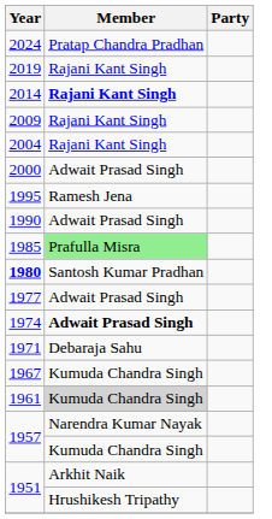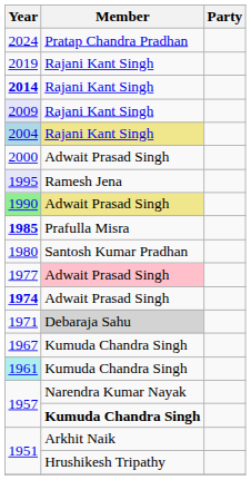 <table class="wikitable sortable">
 <tr>
 <th>Year</th>
 <th>Member</th>
 <th colspan=2>Party</th>
 </tr>
 <tr>
 <td><a href='#'>2024</a></td>
 <td><a href='#'>Pratap Chandra Pradhan</a></td>
 <td></td>
 </tr>
 <tr>
 <td><a href='#'>2019</a></td>
 <td><a href='#'>Rajani Kant Singh</a></td>
 <td></td>
 </tr>
 <tr>
-<td><a href='#'>2014</a></td>
-<td><strong><a href='#'>Rajani Kant Singh</a></strong></td>
-<td></td>
-</tr>
-<tr>
-<td><a href='#'>2009</a></td>
+<td><strong><a href='#'>2014</a></strong></td>
 <td><a href='#'>Rajani Kant Singh</a></td>
 <td></td>
 </tr>
 <tr>
-<td><a href='#'>2004</a></td>
+<td style="background: lavender;"><a href='#'>2009</a></td>
 <td><a href='#'>Rajani Kant Singh</a></td>
+<td></td>
+</tr>
+<tr>
+<td style="background: lightblue;"><a href='#'>2004</a></td>
+<td style="background: khaki;"><a href='#'>Rajani Kant Singh</a></td>
 <td></td>
 </tr>
 <tr>
 <td><a href='#'>2000</a></td>
 <td>Adwait Prasad Singh</td>
 <td></td>
 </tr>
 <tr>
-<td><a href='#'>1995</a></td>
+<td style="background: lavender;"><a href='#'>1995</a></td>
 <td>Ramesh Jena</td>
 <td></td>
 </tr>
 <tr>
-<td><a href='#'>1990</a></td>
-<td>Adwait Prasad Singh</td>
+<td style="background: lightgreen;"><a href='#'>1990</a></td>
+<td style="background: khaki;">Adwait Prasad Singh</td>
 <td></td>
 </tr>
 <tr>
-<td><a href='#'>1985</a></td>
-<td style="background: lightgreen;">Prafulla Misra</td>
+<td><strong><a href='#'>1985</a></strong></td>
+<td>Prafulla Misra</td>
 <td></td>
 </tr>
 <tr>
-<td><strong><a href='#'>1980</a></strong></td>
+<td><a href='#'>1980</a></td>
 <td>Santosh Kumar Pradhan</td>
 <td></td>
 </tr>
 <tr>
 <td><a href='#'>1977</a></td>
+<td style="background: pink;">Adwait Prasad Singh</td>
+<td></td>
+</tr>
+<tr>
+<td><strong><a href='#'>1974</a></strong></td>
 <td>Adwait Prasad Singh</td>
 <td></td>
 </tr>
 <tr>
-<td><a href='#'>1974</a></td>
-<td><strong>Adwait Prasad Singh</strong></td>
-<td></td>
-</tr>
-<tr>
 <td><a href='#'>1971</a></td>
-<td>Debaraja Sahu</td>
+<td style="background: lightgrey;">Debaraja Sahu</td>
 <td></td>
 </tr>
 <tr>
 <td><a href='#'>1967</a></td>
 <td>Kumuda Chandra Singh</td>
 <td></td>
 </tr>
 <tr>
-<td><a href='#'>1961</a></td>
-<td style="background: lightgrey;">Kumuda Chandra Singh</td>
+<td style="background: paleturquoise;"><a href='#'>1961</a></td>
+<td>Kumuda Chandra Singh</td>
 <td></td>
 </tr>
 <tr>
 <td rowspan="2"><a href='#'>1957</a></td>
 <td>Narendra Kumar Nayak</td>
 <td></td>
 </tr>
 <tr>
-<td>Kumuda Chandra Singh</td>
+<td><strong>Kumuda Chandra Singh</strong></td>
 <td></td>
 </tr>
 <tr>
 <td rowspan="2"><a href='#'>1951</a></td>
 <td>Arkhit Naik</td>
 <td></td>
 </tr>
 <tr>
 <td>Hrushikesh Tripathy</td>
 <td></td>
 </tr>
 <tr>
 </tr>
 </table>
